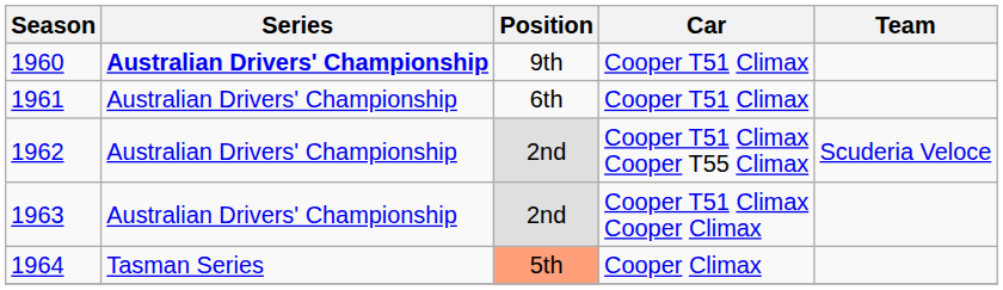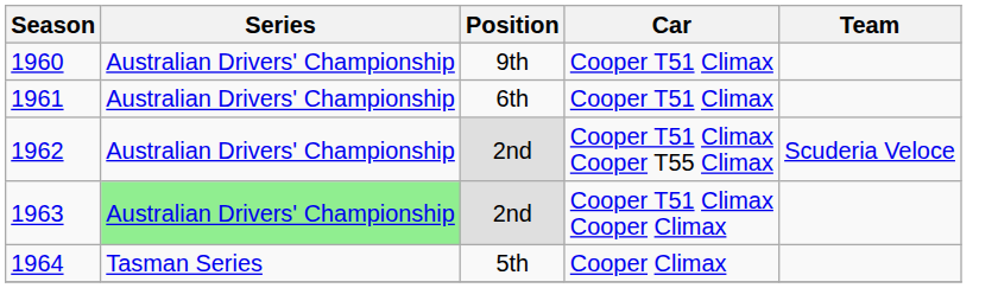 <table class="wikitable" style="font-size: 95%;">
 <tr>
 <th>Season</th>
 <th>Series</th>
 <th>Position</th>
 <th>Car</th>
 <th>Team</th>
 </tr>
 <tr>
 <td><a href='#'>1960</a></td>
-<td><strong><a href='#'>Australian Drivers' Championship</a></strong></td>
+<td><a href='#'>Australian Drivers' Championship</a></td>
 <td align="center">9th</td>
 <td><a href='#'>Cooper T51</a> <a href='#'>Climax</a></td>
 <td></td>
 </tr>
 <tr>
 <td><a href='#'>1961</a></td>
 <td><a href='#'>Australian Drivers' Championship</a></td>
 <td align="center">6th</td>
 <td><a href='#'>Cooper T51</a> <a href='#'>Climax</a></td>
 <td></td>
 </tr>
 <tr>
 <td><a href='#'>1962</a></td>
 <td><a href='#'>Australian Drivers' Championship</a></td>
 <td align="center" style="background:#dfdfdf;">2nd</td>
 <td><a href='#'>Cooper T51</a> <a href='#'>Climax</a><br> <a href='#'>Cooper</a> T55 <a href='#'>Climax</a></td>
 <td><a href='#'>Scuderia Veloce</a></td>
 </tr>
 <tr>
 <td><a href='#'>1963</a></td>
-<td><a href='#'>Australian Drivers' Championship</a></td>
+<td style="background: lightgreen;"><a href='#'>Australian Drivers' Championship</a></td>
 <td align="center" style="background:#dfdfdf;">2nd</td>
 <td><a href='#'>Cooper T51</a> <a href='#'>Climax</a><br> <a href='#'>Cooper</a> <a href='#'>Climax</a></td>
 <td></td>
 </tr>
 <tr>
 <td><a href='#'>1964</a></td>
 <td><a href='#'>Tasman Series</a></td>
-<td align="center" style="background: lightsalmon;">5th</td>
+<td align="center">5th</td>
 <td><a href='#'>Cooper</a> <a href='#'>Climax</a></td>
 <td></td>
 </tr>
 <tr>
 </tr>
 </table>
